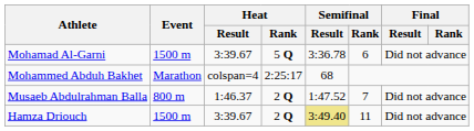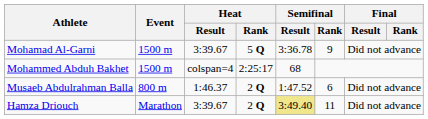 <table class="wikitable" style="font-size:90%">
 <tr>
 <th rowspan="2">Athlete</th>
 <th rowspan="2">Event</th>
 <th colspan="2">Heat</th>
 <th colspan="2">Semifinal</th>
 <th colspan="2">Final</th>
 </tr>
 <tr style="font-size:95%">
 <th scope="col">Result</th>
 <th scope="col">Rank</th>
 <th scope="col">Result</th>
 <th scope="col">Rank</th>
 <th scope="col">Result</th>
 <th scope="col">Rank</th>
 </tr>
 <tr align=center>
 <td align=left><a href='#'>Mohamad Al-Garni</a></td>
 <td align=left><a href='#'>1500 m</a></td>
 <td>3:39.67</td>
 <td>5 <strong>Q</strong></td>
 <td>3:36.78</td>
-<td>6</td>
+<td>9</td>
 <td colspan="2">Did not advance</td>
 </tr>
 <tr align=center>
 <td align=left><a href='#'>Mohammed Abduh Bakhet</a></td>
-<td align=left><a href='#'>Marathon</a></td>
+<td align=left><a href='#'>1500 m</a></td>
 <td>colspan=4 </td>
 <td>2:25:17</td>
 <td>68</td>
 </tr>
 <tr align=center>
 <td align=left><a href='#'>Musaeb Abdulrahman Balla</a></td>
 <td align=left><a href='#'>800 m</a></td>
 <td>1:46.37</td>
 <td>2 <strong>Q</strong></td>
 <td>1:47.52</td>
-<td>7</td>
+<td>6</td>
 <td colspan=2>Did not advance</td>
 </tr>
 <tr align=center>
 <td align=left><a href='#'>Hamza Driouch</a></td>
-<td align=left><a href='#'>1500 m</a></td>
+<td align=left><a href='#'>Marathon</a></td>
 <td>3:39.67</td>
 <td>2 <strong>Q</strong></td>
 <td style="background: khaki;">3:49.40</td>
 <td>11</td>
 <td colspan="2">Did not advance</td>
 </tr>
 </table>
